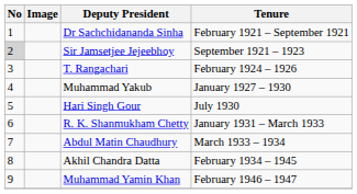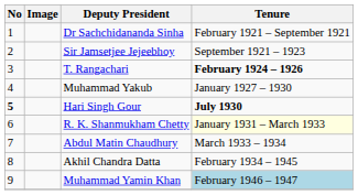 <table class="wikitable">
 <tr>
 <th>No</th>
 <th>Image</th>
 <th>Deputy President</th>
 <th>Tenure</th>
 </tr>
 <tr>
 <td>1</td>
 <td></td>
 <td><a href='#'>Dr Sachchidananda Sinha</a></td>
 <td>February 1921 – September 1921</td>
 </tr>
 <tr>
-<td style="background: lightgrey;">2</td>
+<td>2</td>
 <td></td>
 <td><a href='#'>Sir Jamsetjee Jejeebhoy</a></td>
 <td>September 1921 – 1923</td>
 </tr>
 <tr>
 <td>3</td>
 <td></td>
 <td><a href='#'>T. Rangachari</a></td>
-<td>February 1924 – 1926</td>
+<td><strong>February 1924 – 1926</strong></td>
 </tr>
 <tr>
 <td>4</td>
 <td></td>
 <td>Muhammad Yakub</td>
 <td>January 1927 – 1930</td>
 </tr>
 <tr>
-<td>5</td>
+<td><strong>5</strong></td>
 <td></td>
 <td><a href='#'>Hari Singh Gour</a></td>
-<td>July 1930</td>
+<td><strong>July 1930</strong></td>
 </tr>
 <tr>
 <td>6</td>
 <td></td>
 <td><a href='#'>R. K. Shanmukham Chetty</a></td>
-<td>January 1931 – March 1933</td>
+<td style="background: lightyellow;">January 1931 – March 1933</td>
 </tr>
 <tr>
 <td>7</td>
 <td></td>
 <td><a href='#'>Abdul Matin Chaudhury</a></td>
 <td>March 1933 – 1934</td>
 </tr>
 <tr>
 <td>8</td>
 <td></td>
 <td>Akhil Chandra Datta</td>
 <td>February 1934 – 1945</td>
 </tr>
 <tr>
 <td>9</td>
 <td></td>
 <td><a href='#'>Muhammad Yamin Khan</a></td>
-<td>February 1946 – 1947</td>
+<td style="background: lightblue;">February 1946 – 1947</td>
 </tr>
 <tr>
 </tr>
 </table>
